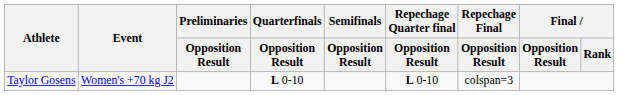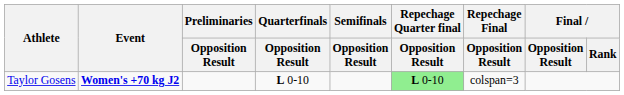 <table class="wikitable" style="font-size:90%">
 <tr>
 <th rowspan="2">Athlete</th>
 <th rowspan="2">Event</th>
 <th>Preliminaries</th>
 <th>Quarterfinals</th>
 <th>Semifinals</th>
 <th>Repechage<br>Quarter final</th>
 <th>Repechage<br>Final</th>
 <th colspan="2">Final / </th>
 </tr>
 <tr>
 <th>Opposition<br>Result</th>
 <th>Opposition<br>Result</th>
 <th>Opposition<br>Result</th>
 <th>Opposition<br>Result</th>
 <th>Opposition<br>Result</th>
 <th>Opposition<br>Result</th>
 <th>Rank</th>
 </tr>
 <tr align=center>
 <td align=left><a href='#'>Taylor Gosens</a></td>
-<td align=left><a href='#'>Women's +70 kg J2</a></td>
+<td align=left><strong><a href='#'>Women's +70 kg J2</a></strong></td>
 <td></td>
 <td> <strong>L</strong> 0-10</td>
 <td></td>
-<td> <strong>L</strong> 0-10</td>
+<td style="background: lightgreen;"> <strong>L</strong> 0-10</td>
 <td>colspan=3 </td>
 </tr>
 </table>
